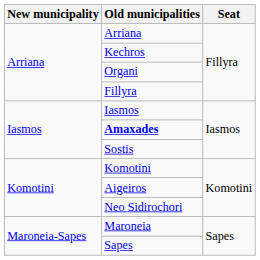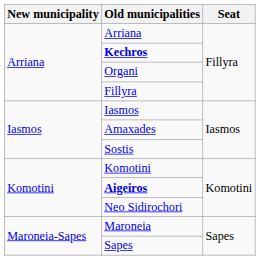 <table class="wikitable">
 <tr>
 <th>New municipality</th>
 <th>Old municipalities</th>
 <th>Seat</th>
 </tr>
 <tr>
 <td rowspan=4><a href='#'>Arriana</a></td>
 <td><a href='#'>Arriana</a></td>
 <td rowspan=4>Fillyra</td>
 </tr>
 <tr>
-<td><a href='#'>Kechros</a></td>
+<td><strong><a href='#'>Kechros</a></strong></td>
 </tr>
 <tr>
 <td><a href='#'>Organi</a></td>
 </tr>
 <tr>
 <td><a href='#'>Fillyra</a></td>
 </tr>
 <tr>
 <td rowspan=3><a href='#'>Iasmos</a></td>
 <td><a href='#'>Iasmos</a></td>
 <td rowspan=3>Iasmos</td>
 </tr>
 <tr>
-<td><strong><a href='#'>Amaxades</a></strong></td>
+<td><a href='#'>Amaxades</a></td>
 </tr>
 <tr>
 <td><a href='#'>Sostis</a></td>
 </tr>
 <tr>
 <td rowspan=3><a href='#'>Komotini</a></td>
 <td><a href='#'>Komotini</a></td>
 <td rowspan=3>Komotini</td>
 </tr>
 <tr>
-<td><a href='#'>Aigeiros</a></td>
+<td><strong><a href='#'>Aigeiros</a></strong></td>
 </tr>
 <tr>
 <td><a href='#'>Neo Sidirochori</a></td>
 </tr>
 <tr>
 <td rowspan=2><a href='#'>Maroneia-Sapes</a></td>
 <td><a href='#'>Maroneia</a></td>
 <td rowspan=2>Sapes</td>
 </tr>
 <tr>
 <td><a href='#'>Sapes</a></td>
 </tr>
 </table>
